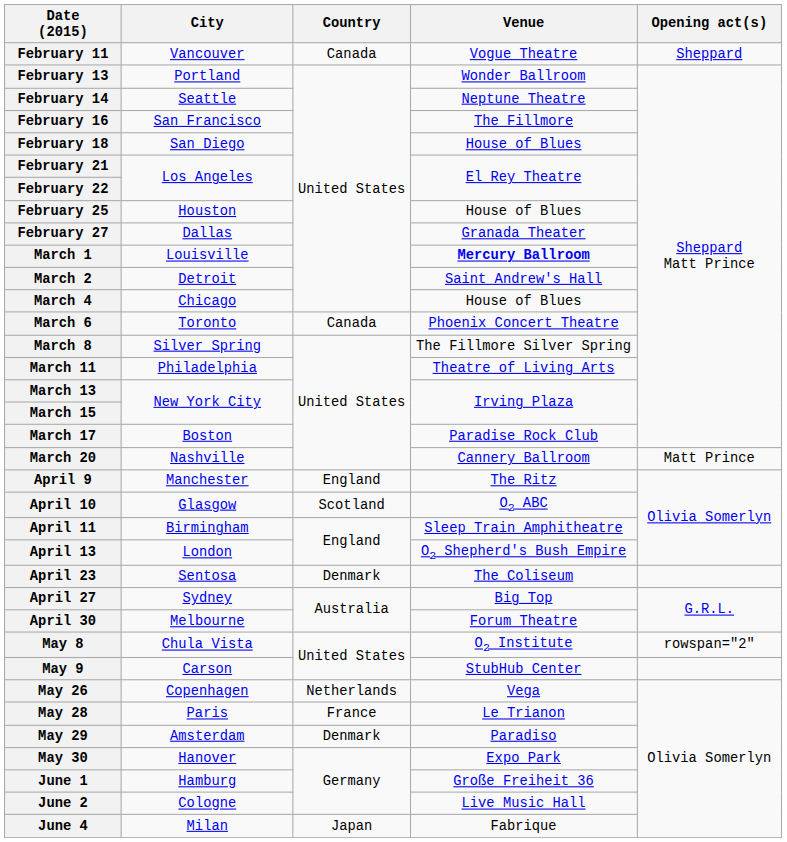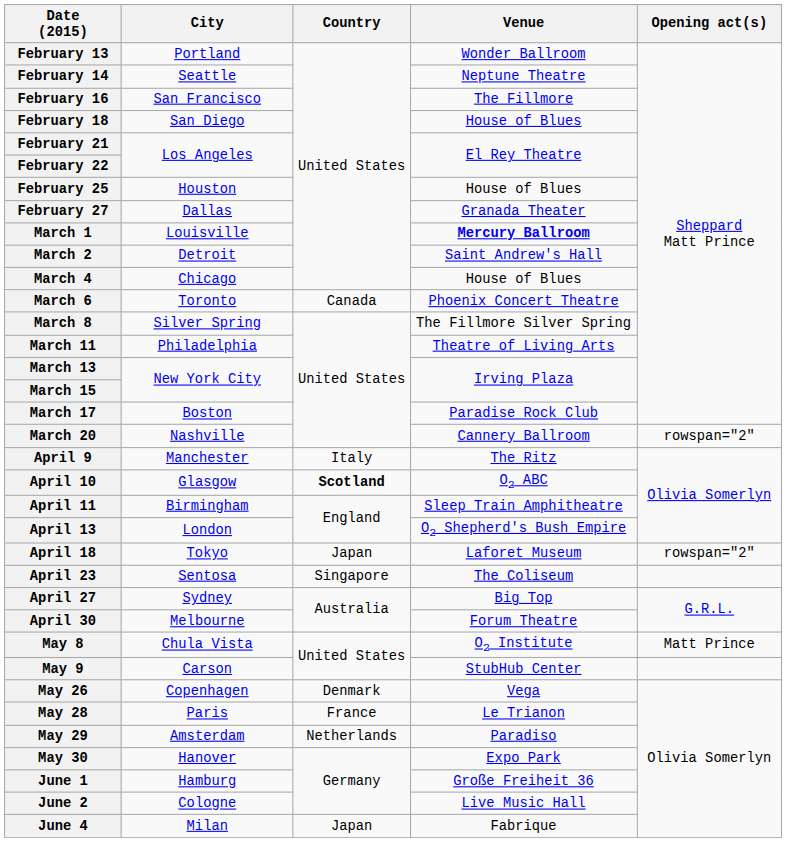 <table class="wikitable plainrowheaders" style="text-align:center;">
 <tr>
 <th scope="col" style="width:8em;">Date<br>(2015)</th>
 <th scope="col" style="width:12em;">City</th>
 <th scope="col" style="width:8em;">Country</th>
 <th scope="col" style="width:16em;">Venue</th>
 <th scope="col" style="width:10em;">Opening act(s)</th>
-</tr>
-<tr>
-<th scope="row" style="text-align:center;">February 11</th>
-<td><a href='#'>Vancouver</a></td>
-<td>Canada</td>
-<td><a href='#'>Vogue Theatre</a></td>
-<td><a href='#'>Sheppard</a></td>
 </tr>
 <tr>
 <th scope="row" style="text-align:center;">February 13</th>
 <td><a href='#'>Portland</a></td>
 <td rowspan="11">United States</td>
 <td><a href='#'>Wonder Ballroom</a></td>
 <td rowspan="17"><a href='#'>Sheppard</a> <br> Matt Prince</td>
 </tr>
 <tr>
 <th scope="row" style="text-align:center;">February 14</th>
 <td><a href='#'>Seattle</a></td>
 <td><a href='#'>Neptune Theatre</a></td>
 </tr>
 <tr>
 <th scope="row" style="text-align:center;">February 16</th>
 <td><a href='#'>San Francisco</a></td>
 <td><a href='#'>The Fillmore</a></td>
 </tr>
 <tr>
 <th scope="row" style="text-align:center;">February 18</th>
 <td><a href='#'>San Diego</a></td>
 <td><a href='#'>House of Blues</a></td>
 </tr>
 <tr>
 <th scope="row" style="text-align:center;">February 21</th>
 <td rowspan="2"><a href='#'>Los Angeles</a></td>
 <td rowspan="2"><a href='#'>El Rey Theatre</a></td>
 </tr>
 <tr>
 <th scope="row" style="text-align:center;">February 22</th>
 </tr>
 <tr>
 <th scope="row" style="text-align:center;">February 25</th>
 <td><a href='#'>Houston</a></td>
 <td>House of Blues</td>
 </tr>
 <tr>
 <th scope="row" style="text-align:center;">February 27</th>
 <td><a href='#'>Dallas</a></td>
 <td><a href='#'>Granada Theater</a></td>
 </tr>
 <tr>
 <th scope="row" style="text-align:center;">March 1</th>
 <td><a href='#'>Louisville</a></td>
 <td><strong><a href='#'>Mercury Ballroom</a></strong></td>
 </tr>
 <tr>
 <th scope="row" style="text-align:center;">March 2</th>
 <td><a href='#'>Detroit</a></td>
 <td><a href='#'>Saint Andrew's Hall</a></td>
 </tr>
 <tr>
 <th scope="row" style="text-align:center;">March 4</th>
 <td><a href='#'>Chicago</a></td>
 <td>House of Blues</td>
 </tr>
 <tr>
 <th scope="row" style="text-align:center;">March 6</th>
 <td><a href='#'>Toronto</a></td>
 <td>Canada</td>
 <td><a href='#'>Phoenix Concert Theatre</a></td>
 </tr>
 <tr>
 <th scope="row" style="text-align:center;">March 8</th>
 <td><a href='#'>Silver Spring</a></td>
 <td rowspan="6">United States</td>
 <td>The Fillmore Silver Spring</td>
 </tr>
 <tr>
 <th scope="row" style="text-align:center;">March 11</th>
 <td><a href='#'>Philadelphia</a></td>
 <td><a href='#'>Theatre of Living Arts</a></td>
 </tr>
 <tr>
 <th scope="row" style="text-align:center;">March 13</th>
 <td rowspan="2"><a href='#'>New York City</a></td>
 <td rowspan="2"><a href='#'>Irving Plaza</a></td>
 </tr>
 <tr>
 <th scope="row" style="text-align:center;">March 15</th>
 </tr>
 <tr>
 <th scope="row" style="text-align:center;">March 17</th>
 <td><a href='#'>Boston</a></td>
 <td><a href='#'>Paradise Rock Club</a></td>
 </tr>
 <tr>
 <th scope="row" style="text-align:center;">March 20</th>
 <td><a href='#'>Nashville</a></td>
 <td><a href='#'>Cannery Ballroom</a></td>
-<td>Matt Prince</td>
+<td>rowspan="2" </td>
 </tr>
 <tr>
 <th scope="row" style="text-align:center;">April 9</th>
 <td><a href='#'>Manchester</a></td>
-<td>England</td>
+<td>Italy</td>
 <td><a href='#'>The Ritz</a></td>
 <td rowspan="4"><a href='#'>Olivia Somerlyn</a></td>
 </tr>
 <tr>
 <th scope="row" style="text-align:center;">April 10</th>
 <td><a href='#'>Glasgow</a></td>
-<td>Scotland</td>
+<td><strong>Scotland</strong></td>
 <td><a href='#'>O<sub>2</sub> ABC</a></td>
 </tr>
 <tr>
 <th scope="row" style="text-align:center;">April 11</th>
 <td><a href='#'>Birmingham</a></td>
 <td rowspan="2">England</td>
 <td><a href='#'>Sleep Train Amphitheatre</a></td>
 </tr>
 <tr>
 <th scope="row" style="text-align:center;">April 13</th>
 <td><a href='#'>London</a></td>
 <td><a href='#'>O<sub>2</sub> Shepherd's Bush Empire</a></td>
 </tr>
 <tr>
+<th scope="row" style="text-align:center;">April 18</th>
+<td><a href='#'>Tokyo</a></td>
+<td>Japan</td>
+<td><a href='#'>Laforet Museum</a></td>
+<td>rowspan="2" </td>
+</tr>
+<tr>
 <th scope="row" style="text-align:center;">April 23</th>
 <td><a href='#'>Sentosa</a></td>
-<td>Denmark</td>
+<td>Singapore</td>
 <td><a href='#'>The Coliseum</a></td>
 </tr>
 <tr>
 <th scope="row" style="text-align:center;">April 27</th>
 <td><a href='#'>Sydney</a></td>
 <td rowspan="2">Australia</td>
 <td><a href='#'>Big Top</a></td>
 <td rowspan="2"><a href='#'>G.R.L.</a></td>
 </tr>
 <tr>
 <th scope="row" style="text-align:center;">April 30</th>
 <td><a href='#'>Melbourne</a></td>
 <td><a href='#'>Forum Theatre</a></td>
 </tr>
 <tr>
 <th scope="row" style="text-align:center;">May 8</th>
 <td><a href='#'>Chula Vista</a></td>
 <td rowspan="2">United States</td>
 <td><a href='#'>O<sub>2</sub> Institute</a></td>
-<td>rowspan="2" </td>
+<td>Matt Prince</td>
 </tr>
 <tr>
 <th scope="row" style="text-align:center;">May 9</th>
 <td><a href='#'>Carson</a></td>
 <td><a href='#'>StubHub Center</a></td>
 </tr>
 <tr>
 <th scope="row" style="text-align:center;">May 26</th>
 <td><a href='#'>Copenhagen</a></td>
-<td>Netherlands</td>
+<td>Denmark</td>
 <td><a href='#'>Vega</a></td>
 <td rowspan="7">Olivia Somerlyn</td>
 </tr>
 <tr>
 <th scope="row" style="text-align:center;">May 28</th>
 <td><a href='#'>Paris</a></td>
 <td>France</td>
 <td><a href='#'>Le Trianon</a></td>
 </tr>
 <tr>
 <th scope="row" style="text-align:center;">May 29</th>
 <td><a href='#'>Amsterdam</a></td>
-<td>Denmark</td>
+<td>Netherlands</td>
 <td><a href='#'>Paradiso</a></td>
 </tr>
 <tr>
 <th scope="row" style="text-align:center;">May 30</th>
 <td><a href='#'>Hanover</a></td>
 <td rowspan="3">Germany</td>
 <td><a href='#'>Expo Park</a></td>
 </tr>
 <tr>
 <th scope="row" style="text-align:center;">June 1</th>
 <td><a href='#'>Hamburg</a></td>
 <td><a href='#'>Große Freiheit 36</a></td>
 </tr>
 <tr>
 <th scope="row" style="text-align:center;">June 2</th>
 <td><a href='#'>Cologne</a></td>
 <td><a href='#'>Live Music Hall</a></td>
 </tr>
 <tr>
 <th scope="row" style="text-align:center;">June 4</th>
 <td><a href='#'>Milan</a></td>
 <td>Japan</td>
 <td>Fabrique</td>
 </tr>
 </table>
